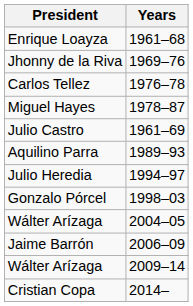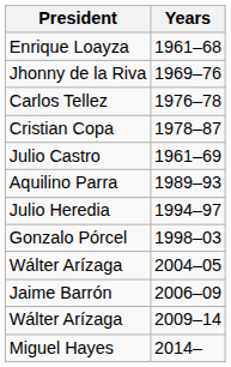 <table class="wikitable" border="1">
 <tr>
 <th>President</th>
 <th>Years</th>
 </tr>
 <tr>
 <td> Enrique Loayza</td>
 <td>1961–68</td>
 </tr>
 <tr>
 <td> Jhonny de la Riva</td>
 <td>1969–76</td>
 </tr>
 <tr>
 <td> Carlos Tellez</td>
 <td>1976–78</td>
 </tr>
 <tr>
-<td> Miguel Hayes</td>
+<td> Cristian Copa</td>
 <td>1978–87</td>
 </tr>
 <tr>
 <td> Julio Castro</td>
 <td>1961–69</td>
 </tr>
 <tr>
 <td> Aquilino Parra</td>
 <td>1989–93</td>
 </tr>
 <tr>
 <td> Julio Heredia</td>
 <td>1994–97</td>
 </tr>
 <tr>
 <td> Gonzalo Pórcel</td>
 <td>1998–03</td>
 </tr>
 <tr>
 <td> Wálter Arízaga</td>
 <td>2004–05</td>
 </tr>
 <tr>
 <td> Jaime Barrón</td>
 <td>2006–09</td>
 </tr>
 <tr>
 <td> Wálter Arízaga</td>
 <td>2009–14</td>
 </tr>
 <tr>
-<td> Cristian Copa</td>
+<td> Miguel Hayes</td>
 <td>2014–</td>
 </tr>
 </table>
